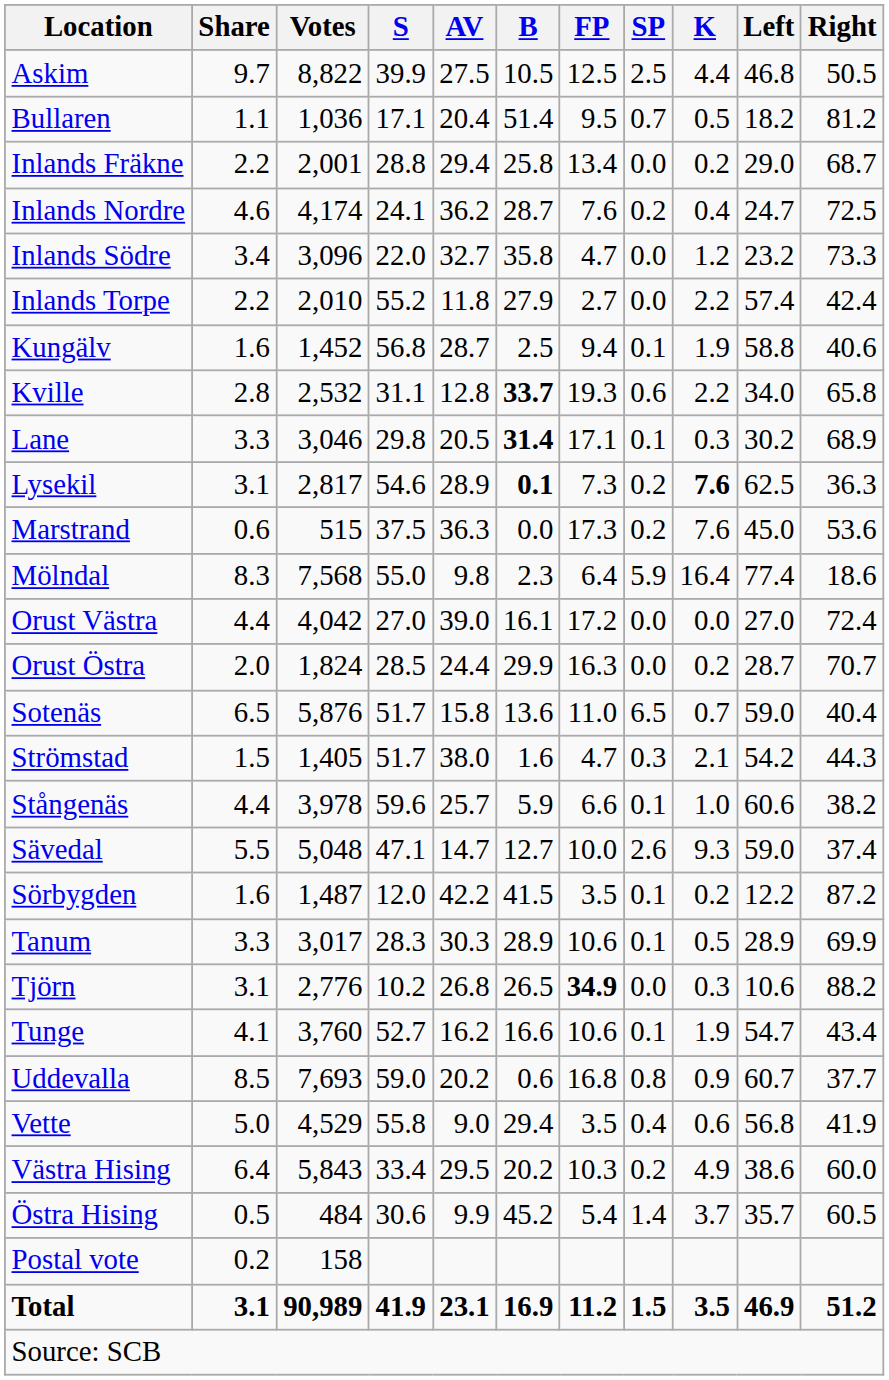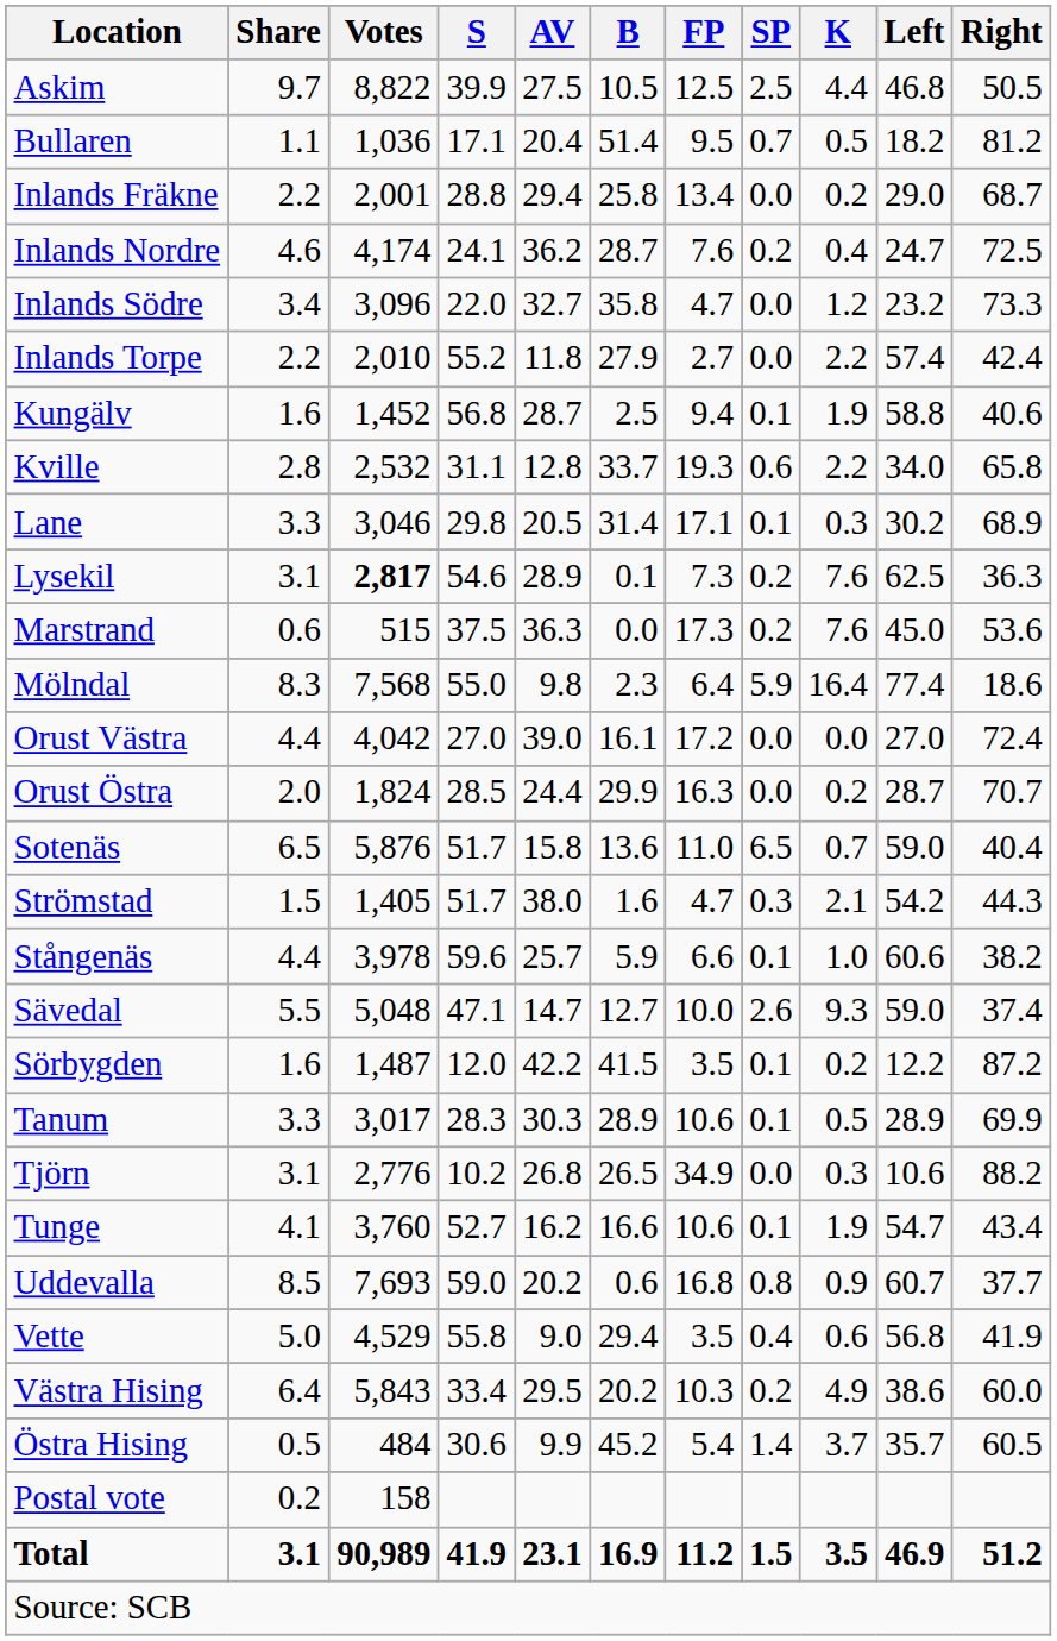 <table class="wikitable sortable" style=text-align:right>
 <tr>
 <th>Location</th>
 <th>Share</th>
 <th>Votes</th>
 <th><a href='#'>S</a></th>
 <th><a href='#'>AV</a></th>
 <th><a href='#'>B</a></th>
 <th><a href='#'>FP</a></th>
 <th><a href='#'>SP</a></th>
 <th><a href='#'>K</a></th>
 <th>Left</th>
 <th>Right</th>
 </tr>
 <tr>
 <td align=left><a href='#'>Askim</a></td>
 <td>9.7</td>
 <td>8,822</td>
 <td>39.9</td>
 <td>27.5</td>
 <td>10.5</td>
 <td>12.5</td>
 <td>2.5</td>
 <td>4.4</td>
 <td>46.8</td>
 <td>50.5</td>
 </tr>
 <tr>
 <td align=left><a href='#'>Bullaren</a></td>
 <td>1.1</td>
 <td>1,036</td>
 <td>17.1</td>
 <td>20.4</td>
 <td>51.4</td>
 <td>9.5</td>
 <td>0.7</td>
 <td>0.5</td>
 <td>18.2</td>
 <td>81.2</td>
 </tr>
 <tr>
 <td align=left><a href='#'>Inlands Fräkne</a></td>
 <td>2.2</td>
 <td>2,001</td>
 <td>28.8</td>
 <td>29.4</td>
 <td>25.8</td>
 <td>13.4</td>
 <td>0.0</td>
 <td>0.2</td>
 <td>29.0</td>
 <td>68.7</td>
 </tr>
 <tr>
 <td align=left><a href='#'>Inlands Nordre</a></td>
 <td>4.6</td>
 <td>4,174</td>
 <td>24.1</td>
 <td>36.2</td>
 <td>28.7</td>
 <td>7.6</td>
 <td>0.2</td>
 <td>0.4</td>
 <td>24.7</td>
 <td>72.5</td>
 </tr>
 <tr>
 <td align=left><a href='#'>Inlands Södre</a></td>
 <td>3.4</td>
 <td>3,096</td>
 <td>22.0</td>
 <td>32.7</td>
 <td>35.8</td>
 <td>4.7</td>
 <td>0.0</td>
 <td>1.2</td>
 <td>23.2</td>
 <td>73.3</td>
 </tr>
 <tr>
 <td align=left><a href='#'>Inlands Torpe</a></td>
 <td>2.2</td>
 <td>2,010</td>
 <td>55.2</td>
 <td>11.8</td>
 <td>27.9</td>
 <td>2.7</td>
 <td>0.0</td>
 <td>2.2</td>
 <td>57.4</td>
 <td>42.4</td>
 </tr>
 <tr>
 <td align=left><a href='#'>Kungälv</a></td>
 <td>1.6</td>
 <td>1,452</td>
 <td>56.8</td>
 <td>28.7</td>
 <td>2.5</td>
 <td>9.4</td>
 <td>0.1</td>
 <td>1.9</td>
 <td>58.8</td>
 <td>40.6</td>
 </tr>
 <tr>
 <td align=left><a href='#'>Kville</a></td>
 <td>2.8</td>
 <td>2,532</td>
 <td>31.1</td>
 <td>12.8</td>
-<td><strong>33.7</strong></td>
+<td>33.7</td>
 <td>19.3</td>
 <td>0.6</td>
 <td>2.2</td>
 <td>34.0</td>
 <td>65.8</td>
 </tr>
 <tr>
 <td align=left><a href='#'>Lane</a></td>
 <td>3.3</td>
 <td>3,046</td>
 <td>29.8</td>
 <td>20.5</td>
-<td><strong>31.4</strong></td>
+<td>31.4</td>
 <td>17.1</td>
 <td>0.1</td>
 <td>0.3</td>
 <td>30.2</td>
 <td>68.9</td>
 </tr>
 <tr>
 <td align=left><a href='#'>Lysekil</a></td>
 <td>3.1</td>
-<td>2,817</td>
+<td><strong>2,817</strong></td>
 <td>54.6</td>
 <td>28.9</td>
-<td><strong>0.1</strong></td>
+<td>0.1</td>
 <td>7.3</td>
 <td>0.2</td>
-<td><strong>7.6</strong></td>
+<td>7.6</td>
 <td>62.5</td>
 <td>36.3</td>
 </tr>
 <tr>
 <td align=left><a href='#'>Marstrand</a></td>
 <td>0.6</td>
 <td>515</td>
 <td>37.5</td>
 <td>36.3</td>
 <td>0.0</td>
 <td>17.3</td>
 <td>0.2</td>
 <td>7.6</td>
 <td>45.0</td>
 <td>53.6</td>
 </tr>
 <tr>
 <td align=left><a href='#'>Mölndal</a></td>
 <td>8.3</td>
 <td>7,568</td>
 <td>55.0</td>
 <td>9.8</td>
 <td>2.3</td>
 <td>6.4</td>
 <td>5.9</td>
 <td>16.4</td>
 <td>77.4</td>
 <td>18.6</td>
 </tr>
 <tr>
 <td align=left><a href='#'>Orust Västra</a></td>
 <td>4.4</td>
 <td>4,042</td>
 <td>27.0</td>
 <td>39.0</td>
 <td>16.1</td>
 <td>17.2</td>
 <td>0.0</td>
 <td>0.0</td>
 <td>27.0</td>
 <td>72.4</td>
 </tr>
 <tr>
 <td align=left><a href='#'>Orust Östra</a></td>
 <td>2.0</td>
 <td>1,824</td>
 <td>28.5</td>
 <td>24.4</td>
 <td>29.9</td>
 <td>16.3</td>
 <td>0.0</td>
 <td>0.2</td>
 <td>28.7</td>
 <td>70.7</td>
 </tr>
 <tr>
 <td align=left><a href='#'>Sotenäs</a></td>
 <td>6.5</td>
 <td>5,876</td>
 <td>51.7</td>
 <td>15.8</td>
 <td>13.6</td>
 <td>11.0</td>
 <td>6.5</td>
 <td>0.7</td>
 <td>59.0</td>
 <td>40.4</td>
 </tr>
 <tr>
 <td align=left><a href='#'>Strömstad</a></td>
 <td>1.5</td>
 <td>1,405</td>
 <td>51.7</td>
 <td>38.0</td>
 <td>1.6</td>
 <td>4.7</td>
 <td>0.3</td>
 <td>2.1</td>
 <td>54.2</td>
 <td>44.3</td>
 </tr>
 <tr>
 <td align=left><a href='#'>Stångenäs</a></td>
 <td>4.4</td>
 <td>3,978</td>
 <td>59.6</td>
 <td>25.7</td>
 <td>5.9</td>
 <td>6.6</td>
 <td>0.1</td>
 <td>1.0</td>
 <td>60.6</td>
 <td>38.2</td>
 </tr>
 <tr>
 <td align=left><a href='#'>Sävedal</a></td>
 <td>5.5</td>
 <td>5,048</td>
 <td>47.1</td>
 <td>14.7</td>
 <td>12.7</td>
 <td>10.0</td>
 <td>2.6</td>
 <td>9.3</td>
 <td>59.0</td>
 <td>37.4</td>
 </tr>
 <tr>
 <td align=left><a href='#'>Sörbygden</a></td>
 <td>1.6</td>
 <td>1,487</td>
 <td>12.0</td>
 <td>42.2</td>
 <td>41.5</td>
 <td>3.5</td>
 <td>0.1</td>
 <td>0.2</td>
 <td>12.2</td>
 <td>87.2</td>
 </tr>
 <tr>
 <td align=left><a href='#'>Tanum</a></td>
 <td>3.3</td>
 <td>3,017</td>
 <td>28.3</td>
 <td>30.3</td>
 <td>28.9</td>
 <td>10.6</td>
 <td>0.1</td>
 <td>0.5</td>
 <td>28.9</td>
 <td>69.9</td>
 </tr>
 <tr>
 <td align=left><a href='#'>Tjörn</a></td>
 <td>3.1</td>
 <td>2,776</td>
 <td>10.2</td>
 <td>26.8</td>
 <td>26.5</td>
-<td><strong>34.9</strong></td>
+<td>34.9</td>
 <td>0.0</td>
 <td>0.3</td>
 <td>10.6</td>
 <td>88.2</td>
 </tr>
 <tr>
 <td align=left><a href='#'>Tunge</a></td>
 <td>4.1</td>
 <td>3,760</td>
 <td>52.7</td>
 <td>16.2</td>
 <td>16.6</td>
 <td>10.6</td>
 <td>0.1</td>
 <td>1.9</td>
 <td>54.7</td>
 <td>43.4</td>
 </tr>
 <tr>
 <td align=left><a href='#'>Uddevalla</a></td>
 <td>8.5</td>
 <td>7,693</td>
 <td>59.0</td>
 <td>20.2</td>
 <td>0.6</td>
 <td>16.8</td>
 <td>0.8</td>
 <td>0.9</td>
 <td>60.7</td>
 <td>37.7</td>
 </tr>
 <tr>
 <td align=left><a href='#'>Vette</a></td>
 <td>5.0</td>
 <td>4,529</td>
 <td>55.8</td>
 <td>9.0</td>
 <td>29.4</td>
 <td>3.5</td>
 <td>0.4</td>
 <td>0.6</td>
 <td>56.8</td>
 <td>41.9</td>
 </tr>
 <tr>
 <td align=left><a href='#'>Västra Hising</a></td>
 <td>6.4</td>
 <td>5,843</td>
 <td>33.4</td>
 <td>29.5</td>
 <td>20.2</td>
 <td>10.3</td>
 <td>0.2</td>
 <td>4.9</td>
 <td>38.6</td>
 <td>60.0</td>
 </tr>
 <tr>
 <td align=left><a href='#'>Östra Hising</a></td>
 <td>0.5</td>
 <td>484</td>
 <td>30.6</td>
 <td>9.9</td>
 <td>45.2</td>
 <td>5.4</td>
 <td>1.4</td>
 <td>3.7</td>
 <td>35.7</td>
 <td>60.5</td>
 </tr>
 <tr>
 <td align=left><a href='#'>Postal vote</a></td>
 <td>0.2</td>
 <td>158</td>
 <td></td>
 <td></td>
 <td></td>
 <td></td>
 <td></td>
 <td></td>
 <td></td>
 <td></td>
 </tr>
 <tr>
 <td align=left><strong>Total</strong></td>
 <td><strong>3.1</strong></td>
 <td><strong>90,989</strong></td>
 <td><strong>41.9</strong></td>
 <td><strong>23.1</strong></td>
 <td><strong>16.9</strong></td>
 <td><strong>11.2</strong></td>
 <td><strong>1.5</strong></td>
 <td><strong>3.5</strong></td>
 <td><strong>46.9</strong></td>
 <td><strong>51.2</strong></td>
 </tr>
 <tr>
 <td align=left colspan=11>Source: SCB </td>
 </tr>
 </table>
